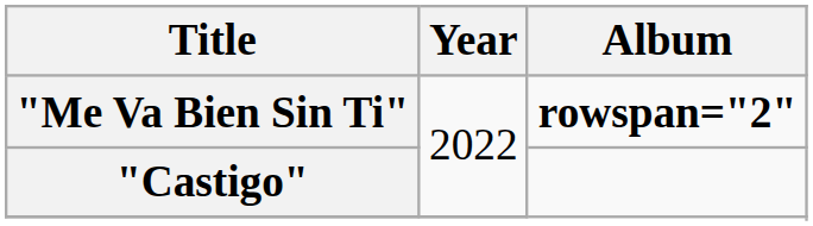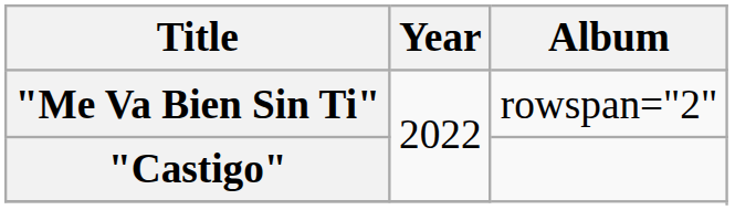 <table class="wikitable plainrowheaders" style="text-align:center">
 <tr>
 <th scope="col">Title</th>
 <th scope="col">Year</th>
 <th scope="col">Album</th>
 </tr>
 <tr>
 <th scope="row">"Me Va Bien Sin Ti"<br></th>
 <td rowspan="2">2022</td>
-<td><strong>rowspan="2" </strong></td>
+<td>rowspan="2" </td>
 </tr>
 <tr>
 <th scope="row">"Castigo"<br></th>
 </tr>
 <tr>
 </tr>
 </table>
